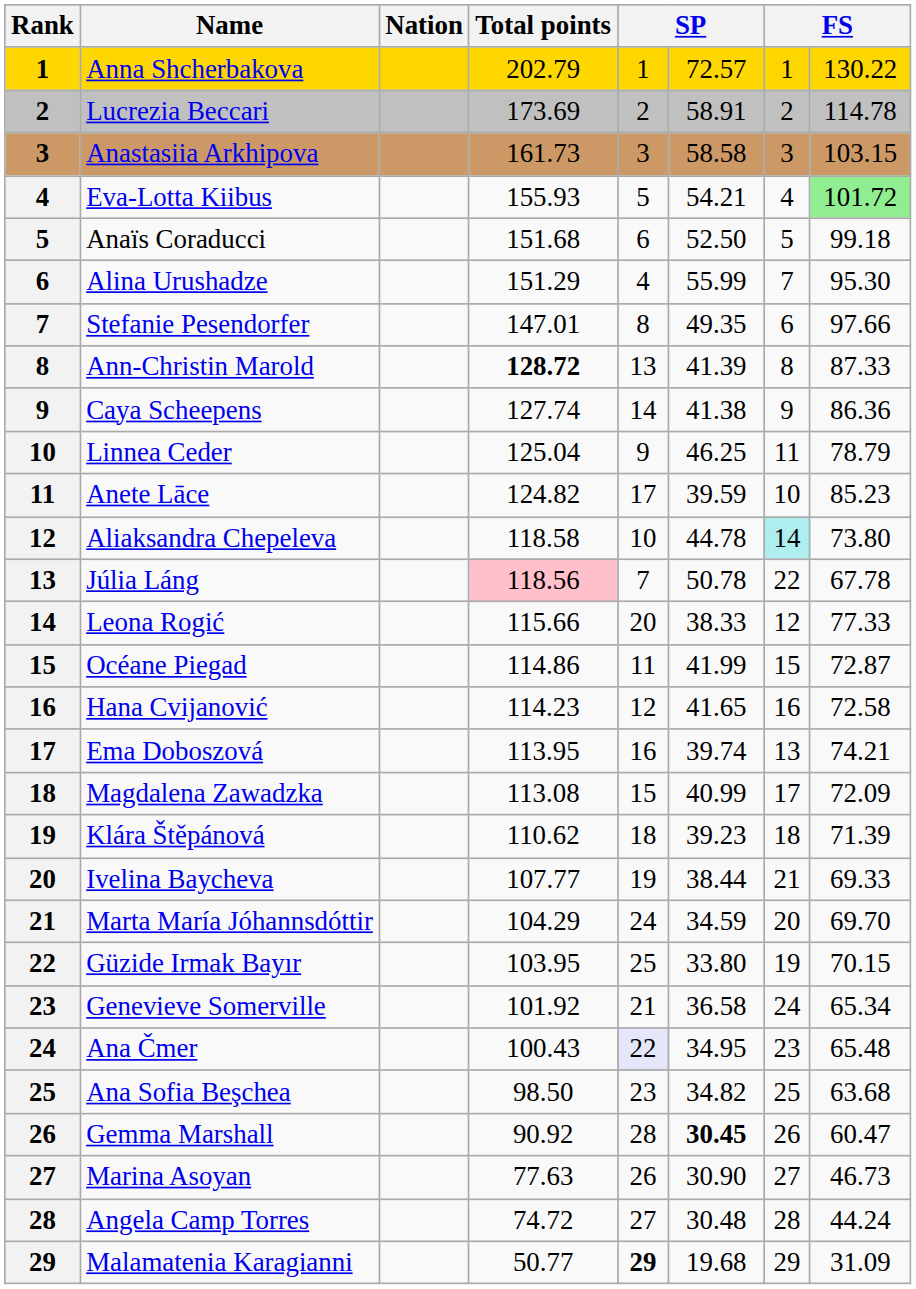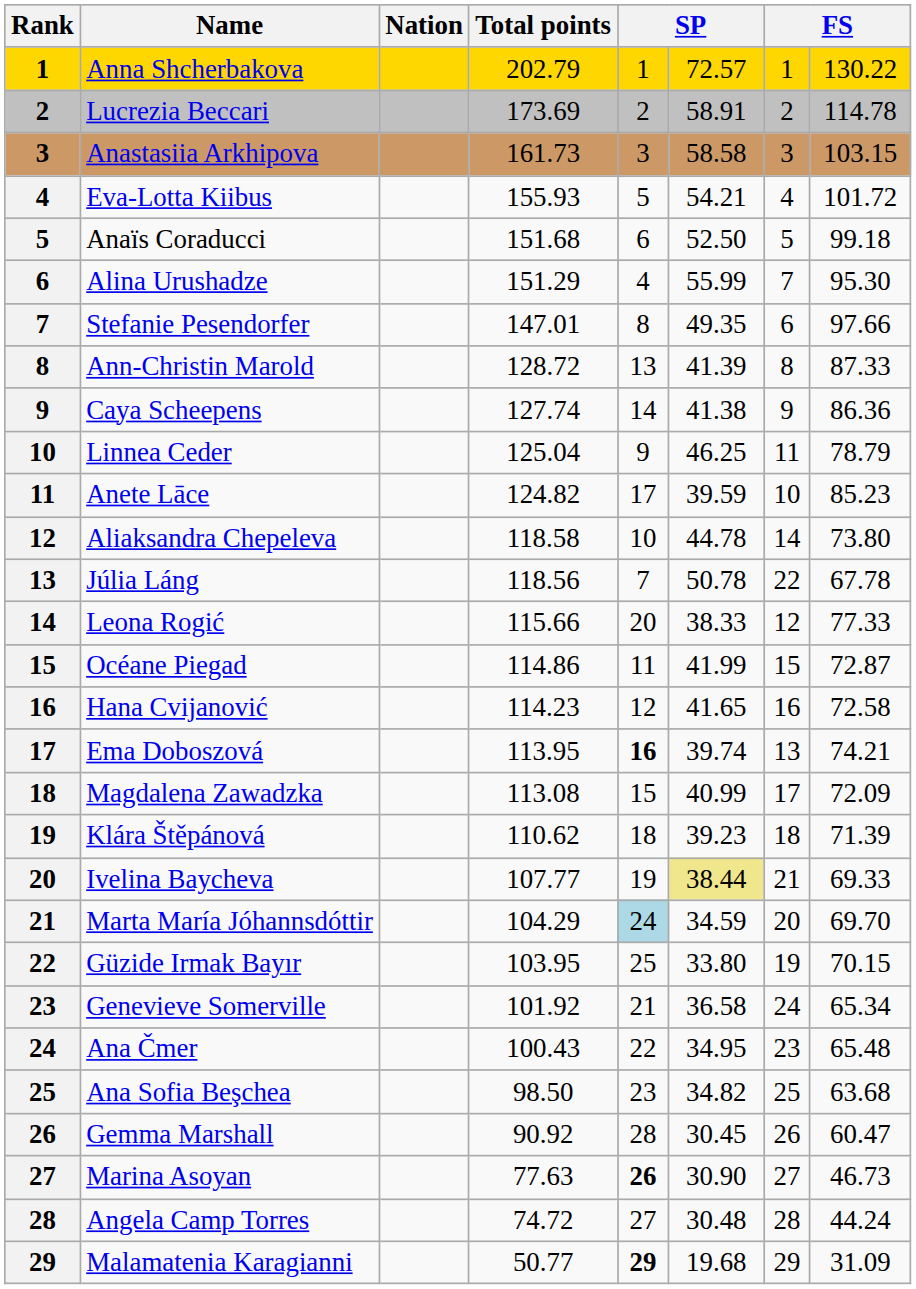 <table class="wikitable sortable">
 <tr>
 <th>Rank</th>
 <th>Name</th>
 <th>Nation</th>
 <th>Total points</th>
 <th colspan="2" width="80px"><a href='#'>SP</a></th>
 <th colspan="2" width="80px"><a href='#'>FS</a></th>
 </tr>
 <tr bgcolor="gold">
 <td align="center"><strong>1</strong></td>
 <td><a href='#'>Anna Shcherbakova</a></td>
 <td></td>
 <td align="center">202.79</td>
 <td align="center">1</td>
 <td align="center">72.57</td>
 <td align="center">1</td>
 <td align="center">130.22</td>
 </tr>
 <tr bgcolor="silver">
 <td align="center"><strong>2</strong></td>
 <td><a href='#'>Lucrezia Beccari</a></td>
 <td></td>
 <td align="center">173.69</td>
 <td align="center">2</td>
 <td align="center">58.91</td>
 <td align="center">2</td>
 <td align="center">114.78</td>
 </tr>
 <tr bgcolor="cc9966">
 <td align="center"><strong>3</strong></td>
 <td><a href='#'>Anastasiia Arkhipova</a></td>
 <td></td>
 <td align="center">161.73</td>
 <td align="center">3</td>
 <td align="center">58.58</td>
 <td align="center">3</td>
 <td align="center">103.15</td>
 </tr>
 <tr>
 <th>4</th>
 <td><a href='#'>Eva-Lotta Kiibus</a></td>
 <td></td>
 <td align="center">155.93</td>
 <td align="center">5</td>
 <td align="center">54.21</td>
 <td align="center">4</td>
-<td align="center" style="background: lightgreen;">101.72</td>
+<td align="center">101.72</td>
 </tr>
 <tr>
 <th>5</th>
 <td>Anaïs Coraducci</td>
 <td></td>
 <td align="center">151.68</td>
 <td align="center">6</td>
 <td align="center">52.50</td>
 <td align="center">5</td>
 <td align="center">99.18</td>
 </tr>
 <tr>
 <th>6</th>
 <td><a href='#'>Alina Urushadze</a></td>
 <td></td>
 <td align="center">151.29</td>
 <td align="center">4</td>
 <td align="center">55.99</td>
 <td align="center">7</td>
 <td align="center">95.30</td>
 </tr>
 <tr>
 <th>7</th>
 <td><a href='#'>Stefanie Pesendorfer</a></td>
 <td></td>
 <td align="center">147.01</td>
 <td align="center">8</td>
 <td align="center">49.35</td>
 <td align="center">6</td>
 <td align="center">97.66</td>
 </tr>
 <tr>
 <th>8</th>
 <td><a href='#'>Ann-Christin Marold</a></td>
 <td></td>
-<td align="center"><strong>128.72</strong></td>
+<td align="center">128.72</td>
 <td align="center">13</td>
 <td align="center">41.39</td>
 <td align="center">8</td>
 <td align="center">87.33</td>
 </tr>
 <tr>
 <th>9</th>
 <td><a href='#'>Caya Scheepens</a></td>
 <td></td>
 <td align="center">127.74</td>
 <td align="center">14</td>
 <td align="center">41.38</td>
 <td align="center">9</td>
 <td align="center">86.36</td>
 </tr>
 <tr>
 <th>10</th>
 <td><a href='#'>Linnea Ceder</a></td>
 <td></td>
 <td align="center">125.04</td>
 <td align="center">9</td>
 <td align="center">46.25</td>
 <td align="center">11</td>
 <td align="center">78.79</td>
 </tr>
 <tr>
 <th>11</th>
 <td><a href='#'>Anete Lāce</a></td>
 <td></td>
 <td align="center">124.82</td>
 <td align="center">17</td>
 <td align="center">39.59</td>
 <td align="center">10</td>
 <td align="center">85.23</td>
 </tr>
 <tr>
 <th>12</th>
 <td><a href='#'>Aliaksandra Chepeleva</a></td>
 <td></td>
 <td align="center">118.58</td>
 <td align="center">10</td>
 <td align="center">44.78</td>
-<td align="center" style="background: paleturquoise;">14</td>
+<td align="center">14</td>
 <td align="center">73.80</td>
 </tr>
 <tr>
 <th>13</th>
 <td><a href='#'>Júlia Láng</a></td>
 <td></td>
-<td align="center" style="background: pink;">118.56</td>
+<td align="center">118.56</td>
 <td align="center">7</td>
 <td align="center">50.78</td>
 <td align="center">22</td>
 <td align="center">67.78</td>
 </tr>
 <tr>
 <th>14</th>
 <td><a href='#'>Leona Rogić</a></td>
 <td></td>
 <td align="center">115.66</td>
 <td align="center">20</td>
 <td align="center">38.33</td>
 <td align="center">12</td>
 <td align="center">77.33</td>
 </tr>
 <tr>
 <th>15</th>
 <td><a href='#'>Océane Piegad</a></td>
 <td></td>
 <td align="center">114.86</td>
 <td align="center">11</td>
 <td align="center">41.99</td>
 <td align="center">15</td>
 <td align="center">72.87</td>
 </tr>
 <tr>
 <th>16</th>
 <td><a href='#'>Hana Cvijanović</a></td>
 <td></td>
 <td align="center">114.23</td>
 <td align="center">12</td>
 <td align="center">41.65</td>
 <td align="center">16</td>
 <td align="center">72.58</td>
 </tr>
 <tr>
 <th>17</th>
 <td><a href='#'>Ema Doboszová</a></td>
 <td></td>
 <td align="center">113.95</td>
-<td align="center">16</td>
+<td align="center"><strong>16</strong></td>
 <td align="center">39.74</td>
 <td align="center">13</td>
 <td align="center">74.21</td>
 </tr>
 <tr>
 <th>18</th>
 <td><a href='#'>Magdalena Zawadzka</a></td>
 <td></td>
 <td align="center">113.08</td>
 <td align="center">15</td>
 <td align="center">40.99</td>
 <td align="center">17</td>
 <td align="center">72.09</td>
 </tr>
 <tr>
 <th>19</th>
 <td><a href='#'>Klára Štěpánová</a></td>
 <td></td>
 <td align="center">110.62</td>
 <td align="center">18</td>
 <td align="center">39.23</td>
 <td align="center">18</td>
 <td align="center">71.39</td>
 </tr>
 <tr>
 <th>20</th>
 <td><a href='#'>Ivelina Baycheva</a></td>
 <td></td>
 <td align="center">107.77</td>
 <td align="center">19</td>
-<td align="center">38.44</td>
+<td align="center" style="background: khaki;">38.44</td>
 <td align="center">21</td>
 <td align="center">69.33</td>
 </tr>
 <tr>
 <th>21</th>
 <td><a href='#'>Marta María Jóhannsdóttir</a></td>
 <td></td>
 <td align="center">104.29</td>
-<td align="center">24</td>
+<td align="center" style="background: lightblue;">24</td>
 <td align="center">34.59</td>
 <td align="center">20</td>
 <td align="center">69.70</td>
 </tr>
 <tr>
 <th>22</th>
 <td><a href='#'>Güzide Irmak Bayır</a></td>
 <td></td>
 <td align="center">103.95</td>
 <td align="center">25</td>
 <td align="center">33.80</td>
 <td align="center">19</td>
 <td align="center">70.15</td>
 </tr>
 <tr>
 <th>23</th>
 <td><a href='#'>Genevieve Somerville</a></td>
 <td></td>
 <td align="center">101.92</td>
 <td align="center">21</td>
 <td align="center">36.58</td>
 <td align="center">24</td>
 <td align="center">65.34</td>
 </tr>
 <tr>
 <th>24</th>
 <td><a href='#'>Ana Čmer</a></td>
 <td></td>
 <td align="center">100.43</td>
-<td align="center" style="background: lavender;">22</td>
+<td align="center">22</td>
 <td align="center">34.95</td>
 <td align="center">23</td>
 <td align="center">65.48</td>
 </tr>
 <tr>
 <th>25</th>
 <td><a href='#'>Ana Sofia Beşchea</a></td>
 <td></td>
 <td align="center">98.50</td>
 <td align="center">23</td>
 <td align="center">34.82</td>
 <td align="center">25</td>
 <td align="center">63.68</td>
 </tr>
 <tr>
 <th>26</th>
 <td><a href='#'>Gemma Marshall</a></td>
 <td></td>
 <td align="center">90.92</td>
 <td align="center">28</td>
-<td align="center"><strong>30.45</strong></td>
+<td align="center">30.45</td>
 <td align="center">26</td>
 <td align="center">60.47</td>
 </tr>
 <tr>
 <th>27</th>
 <td><a href='#'>Marina Asoyan</a></td>
 <td></td>
 <td align="center">77.63</td>
-<td align="center">26</td>
+<td align="center"><strong>26</strong></td>
 <td align="center">30.90</td>
 <td align="center">27</td>
 <td align="center">46.73</td>
 </tr>
 <tr>
 <th>28</th>
 <td><a href='#'>Angela Camp Torres</a></td>
 <td></td>
 <td align="center">74.72</td>
 <td align="center">27</td>
 <td align="center">30.48</td>
 <td align="center">28</td>
 <td align="center">44.24</td>
 </tr>
 <tr>
 <th>29</th>
 <td><a href='#'>Malamatenia Karagianni</a></td>
 <td></td>
 <td align="center">50.77</td>
 <td align="center"><strong>29</strong></td>
 <td align="center">19.68</td>
 <td align="center">29</td>
 <td align="center">31.09</td>
 </tr>
 </table>
